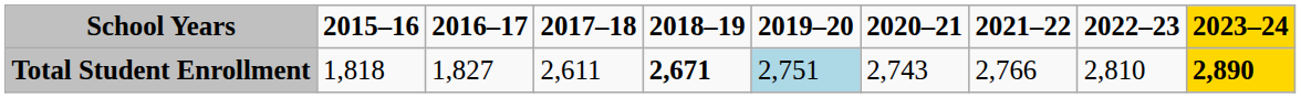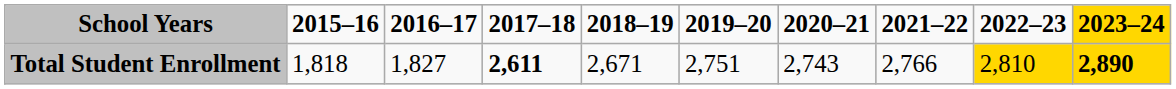 <table class="wikitable">
 <tr>
 <th colspan="9" style=background-color:silver>School Years</th>
 <td><strong>2015–16</strong></td>
 <td><strong>2016–17</strong></td>
 <td><strong>2017–18</strong></td>
 <td><strong>2018–19</strong></td>
 <td><strong>2019–20</strong></td>
 <td><strong>2020–21</strong></td>
 <td><strong>2021–22</strong></td>
 <td><strong>2022–23</strong></td>
 <td style=background-color:gold><strong>2023–24</strong></td>
 </tr>
 <tr>
 <th colspan="9" style=background-color:silver>Total Student Enrollment</th>
 <td>1,818</td>
 <td>1,827</td>
-<td>2,611</td>
-<td><strong>2,671</strong></td>
-<td style="background: lightblue;">2,751</td>
+<td><strong>2,611</strong></td>
+<td>2,671</td>
+<td>2,751</td>
 <td>2,743</td>
 <td>2,766</td>
-<td>2,810</td>
+<td style="background: gold;">2,810</td>
 <td style=background-color:gold><strong>2,890</strong></td>
 </tr>
 </table>
